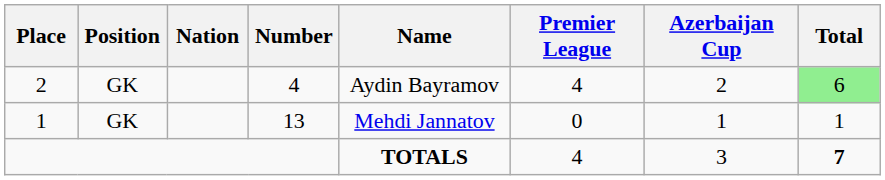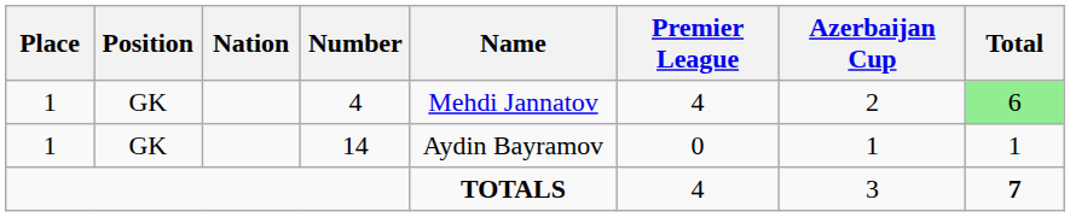 <table class="wikitable" style="font-size: 95%; text-align: center;">
 <tr>
 <th width=60>Place</th>
 <th width=60>Position</th>
 <th width=60>Nation</th>
 <th width=60>Number</th>
 <th width=200>Name</th>
 <th width=150><a href='#'>Premier League</a></th>
 <th width=150><a href='#'>Azerbaijan Cup</a></th>
 <th width=80>Total</th>
 </tr>
 <tr>
-<td>2</td>
+<td>1</td>
 <td>GK</td>
 <td></td>
 <td>4</td>
-<td>Aydin Bayramov</td>
+<td><a href='#'>Mehdi Jannatov</a></td>
 <td>4</td>
 <td>2</td>
 <td style="background: lightgreen;">6</td>
 </tr>
 <tr>
 <td>1</td>
 <td>GK</td>
 <td></td>
-<td>13</td>
-<td><a href='#'>Mehdi Jannatov</a></td>
+<td>14</td>
+<td>Aydin Bayramov</td>
 <td>0</td>
 <td>1</td>
 <td>1</td>
 </tr>
 <tr>
 <td colspan="4"></td>
 <td><strong>TOTALS</strong></td>
 <td>4</td>
 <td>3</td>
 <td><strong>7</strong></td>
 </tr>
 </table>
